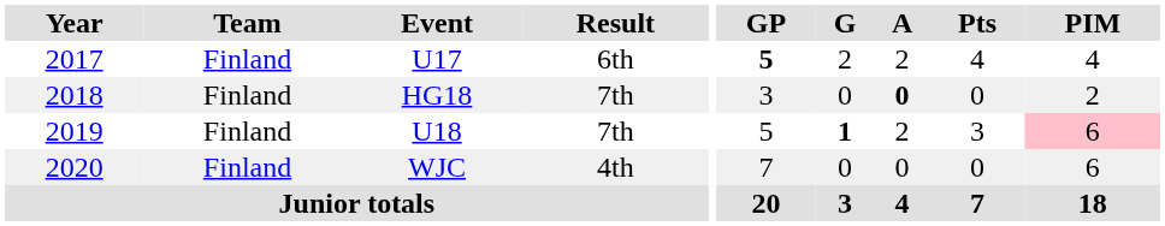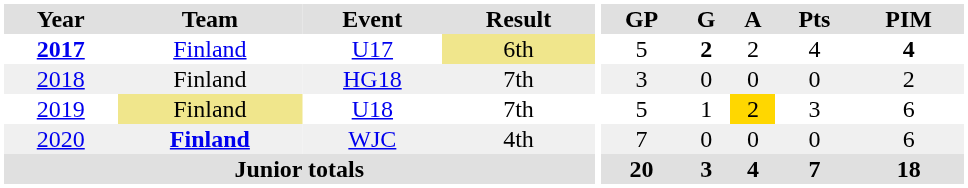 <table border="0" cellpadding="1" cellspacing="0" ID="Table3" style="text-align:center; width:40em">
 <tr ALIGN="center" bgcolor="#e0e0e0">
 <th>Year</th>
 <th>Team</th>
 <th>Event</th>
 <th>Result</th>
 <th rowspan="99" bgcolor="#ffffff"></th>
 <th>GP</th>
 <th>G</th>
 <th>A</th>
 <th>Pts</th>
 <th>PIM</th>
 </tr>
 <tr>
-<td><a href='#'>2017</a></td>
+<td><strong><a href='#'>2017</a></strong></td>
 <td><a href='#'>Finland</a></td>
 <td><a href='#'>U17</a></td>
-<td>6th</td>
-<td><strong>5</strong></td>
-<td>2</td>
+<td style="background: khaki;">6th</td>
+<td>5</td>
+<td><strong>2</strong></td>
 <td>2</td>
 <td>4</td>
-<td>4</td>
+<td><strong>4</strong></td>
 </tr>
 <tr bgcolor="#f0f0f0">
 <td><a href='#'>2018</a></td>
 <td>Finland</td>
 <td><a href='#'>HG18</a></td>
 <td>7th</td>
 <td>3</td>
 <td>0</td>
-<td><strong>0</strong></td>
+<td>0</td>
 <td>0</td>
 <td>2</td>
 </tr>
 <tr>
 <td><a href='#'>2019</a></td>
-<td>Finland</td>
+<td style="background: khaki;">Finland</td>
 <td><a href='#'>U18</a></td>
 <td>7th</td>
 <td>5</td>
-<td><strong>1</strong></td>
-<td>2</td>
+<td>1</td>
+<td style="background: gold;">2</td>
 <td>3</td>
-<td style="background: pink;">6</td>
+<td>6</td>
 </tr>
 <tr bgcolor="#f0f0f0">
 <td><a href='#'>2020</a></td>
-<td><a href='#'>Finland</a></td>
+<td><strong><a href='#'>Finland</a></strong></td>
 <td><a href='#'>WJC</a></td>
 <td>4th</td>
 <td>7</td>
 <td>0</td>
 <td>0</td>
 <td>0</td>
 <td>6</td>
 </tr>
 <tr bgcolor="#e0e0e0">
 <th colspan="4">Junior totals</th>
 <th>20</th>
 <th>3</th>
 <th>4</th>
 <th>7</th>
 <th>18</th>
 </tr>
 </table>
